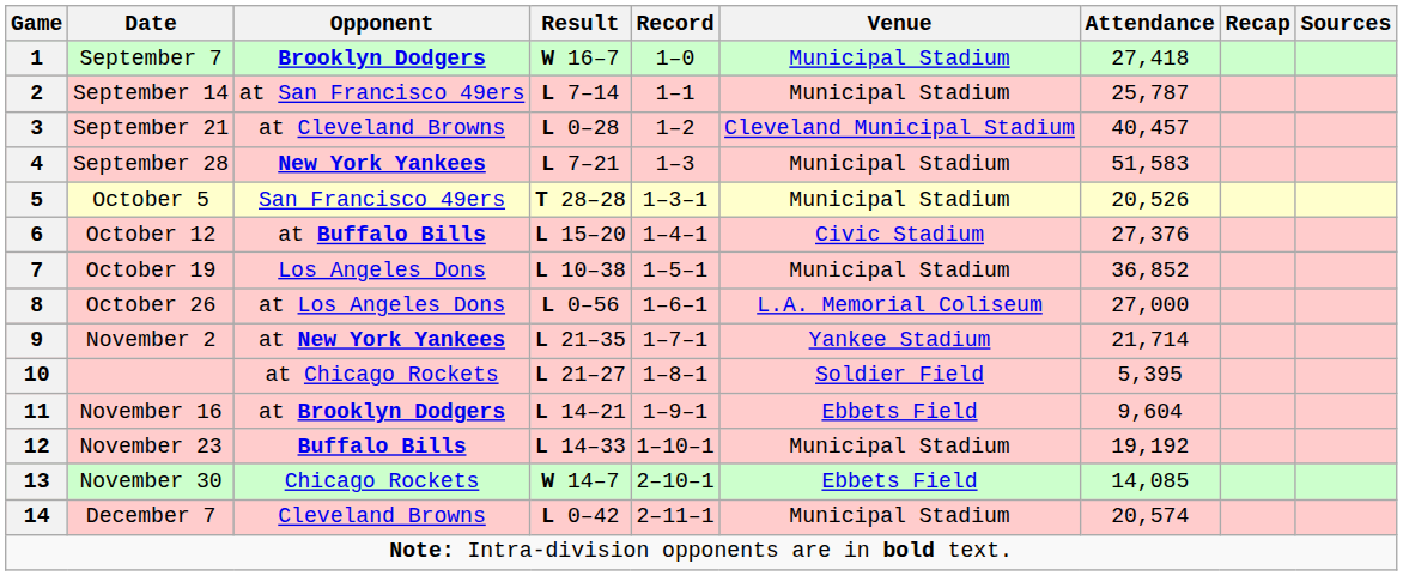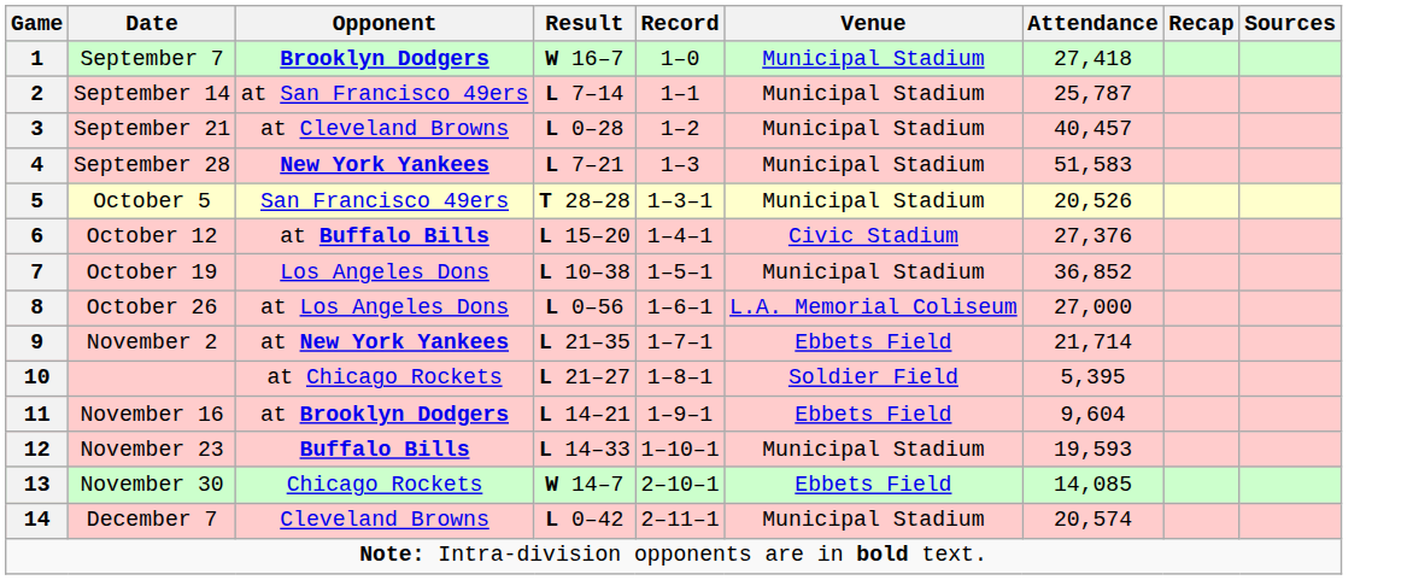 <table class="wikitable" style="text-align:center">
 <tr>
 <th>Game</th>
 <th>Date</th>
 <th>Opponent</th>
 <th>Result</th>
 <th>Record</th>
 <th>Venue</th>
 <th>Attendance</th>
 <th>Recap</th>
 <th>Sources</th>
 </tr>
 <tr style="background:#cfc">
 <th>1</th>
 <td>September 7</td>
 <td><strong><a href='#'>Brooklyn Dodgers</a></strong></td>
 <td><strong>W</strong> 16–7</td>
 <td>1–0</td>
 <td><a href='#'>Municipal Stadium</a></td>
 <td>27,418</td>
 <td></td>
 <td></td>
 </tr>
 <tr style="background:#fcc">
 <th>2</th>
 <td>September 14</td>
 <td>at <a href='#'>San Francisco 49ers</a></td>
 <td><strong>L</strong> 7–14</td>
 <td>1–1</td>
 <td>Municipal Stadium</td>
 <td>25,787</td>
 <td></td>
 <td></td>
 </tr>
 <tr style="background:#fcc">
 <th>3</th>
 <td>September 21</td>
 <td>at <a href='#'>Cleveland Browns</a></td>
 <td><strong>L</strong> 0–28</td>
 <td>1–2</td>
-<td><a href='#'>Cleveland Municipal Stadium</a></td>
+<td>Municipal Stadium</td>
 <td>40,457</td>
 <td></td>
 <td></td>
 </tr>
 <tr style="background:#fcc">
 <th>4</th>
 <td>September 28</td>
 <td><strong><a href='#'>New York Yankees</a></strong></td>
 <td><strong>L</strong> 7–21</td>
 <td>1–3</td>
 <td>Municipal Stadium</td>
 <td>51,583</td>
 <td></td>
 <td></td>
 </tr>
 <tr style="background:#ffc">
 <th>5</th>
 <td>October 5</td>
 <td><a href='#'>San Francisco 49ers</a></td>
 <td><strong>T</strong> 28–28</td>
 <td>1–3–1</td>
 <td>Municipal Stadium</td>
 <td>20,526</td>
 <td></td>
 <td></td>
 </tr>
 <tr style="background:#fcc">
 <th>6</th>
 <td>October 12</td>
 <td>at <strong><a href='#'>Buffalo Bills</a></strong></td>
 <td><strong>L</strong> 15–20</td>
 <td>1–4–1</td>
 <td><a href='#'>Civic Stadium</a></td>
 <td>27,376</td>
 <td></td>
 <td></td>
 </tr>
 <tr style="background:#fcc">
 <th>7</th>
 <td>October 19</td>
 <td><a href='#'>Los Angeles Dons</a></td>
 <td><strong>L</strong> 10–38</td>
 <td>1–5–1</td>
 <td>Municipal Stadium</td>
 <td>36,852</td>
 <td></td>
 <td></td>
 </tr>
 <tr style="background:#fcc">
 <th>8</th>
 <td>October 26</td>
 <td>at <a href='#'>Los Angeles Dons</a></td>
 <td><strong>L</strong> 0–56</td>
 <td>1–6–1</td>
 <td><a href='#'>L.A. Memorial Coliseum</a></td>
 <td>27,000</td>
 <td></td>
 <td></td>
 </tr>
 <tr style="background:#fcc">
 <th>9</th>
 <td>November 2</td>
 <td>at <strong><a href='#'>New York Yankees</a></strong></td>
 <td><strong>L</strong> 21–35</td>
 <td>1–7–1</td>
-<td><a href='#'>Yankee Stadium</a></td>
+<td><a href='#'>Ebbets Field</a></td>
 <td>21,714</td>
 <td></td>
 <td></td>
 </tr>
 <tr style="background:#fcc">
 <th>10</th>
 <td></td>
 <td>at <a href='#'>Chicago Rockets</a></td>
 <td><strong>L</strong> 21–27</td>
 <td>1–8–1</td>
 <td><a href='#'>Soldier Field</a></td>
 <td>5,395</td>
 <td></td>
 <td></td>
 </tr>
 <tr style="background:#fcc">
 <th>11</th>
 <td>November 16</td>
 <td>at <strong><a href='#'>Brooklyn Dodgers</a></strong></td>
 <td><strong>L</strong> 14–21</td>
 <td>1–9–1</td>
 <td><a href='#'>Ebbets Field</a></td>
 <td>9,604</td>
 <td></td>
 <td></td>
 </tr>
 <tr style="background:#fcc">
 <th>12</th>
 <td>November 23</td>
 <td><strong><a href='#'>Buffalo Bills</a></strong></td>
 <td><strong>L</strong> 14–33</td>
 <td>1–10–1</td>
 <td>Municipal Stadium</td>
-<td>19,192</td>
+<td>19,593</td>
 <td></td>
 <td></td>
 </tr>
 <tr style="background:#cfc">
 <th>13</th>
 <td>November 30</td>
 <td><a href='#'>Chicago Rockets</a></td>
 <td><strong>W</strong> 14–7</td>
 <td>2–10–1</td>
 <td><a href='#'>Ebbets Field</a></td>
 <td>14,085</td>
 <td></td>
 <td></td>
 </tr>
 <tr style="background:#fcc">
 <th>14</th>
 <td>December 7</td>
 <td><a href='#'>Cleveland Browns</a></td>
 <td><strong>L</strong> 0–42</td>
 <td>2–11–1</td>
 <td>Municipal Stadium</td>
 <td>20,574</td>
 <td></td>
 <td></td>
 </tr>
 <tr>
 <td colspan="10"><strong>Note:</strong> Intra-division opponents are in <strong>bold</strong> text.</td>
 </tr>
 </table>
